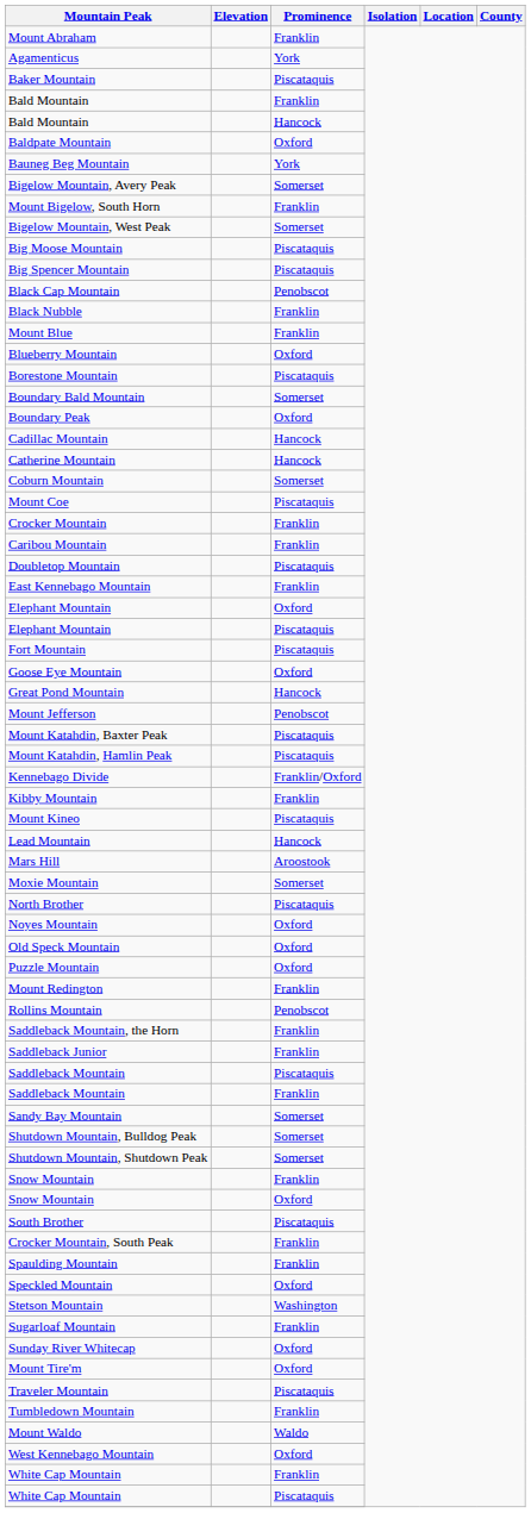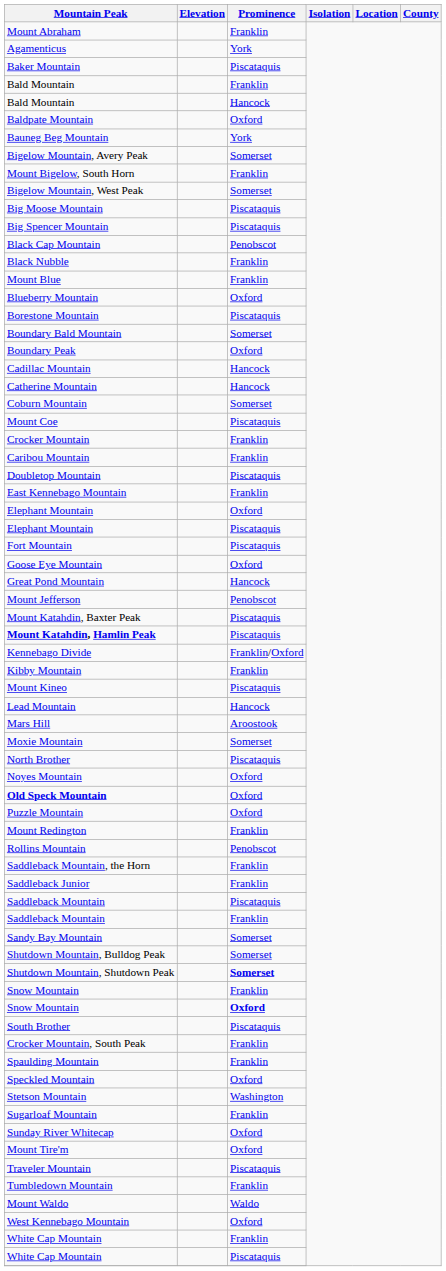 <table class="wikitable sortable">
 <tr>
 <th><a href='#'>Mountain Peak</a></th>
 <th><a href='#'>Elevation</a></th>
 <th><a href='#'>Prominence</a></th>
 <th><a href='#'>Isolation</a></th>
 <th><a href='#'>Location</a></th>
 <th><a href='#'>County</a></th>
 </tr>
 <tr>
 <td><a href='#'>Mount Abraham</a><br></td>
 <td></td>
 <td><a href='#'>Franklin</a></td>
 </tr>
 <tr>
 <td><a href='#'>Agamenticus</a><br></td>
 <td></td>
 <td><a href='#'>York</a></td>
 </tr>
 <tr>
 <td><a href='#'>Baker Mountain</a><br></td>
 <td></td>
 <td><a href='#'>Piscataquis</a></td>
 </tr>
 <tr>
 <td>Bald Mountain<br></td>
 <td></td>
 <td><a href='#'>Franklin</a></td>
 </tr>
 <tr>
 <td>Bald Mountain<br></td>
 <td></td>
 <td><a href='#'>Hancock</a></td>
 </tr>
 <tr>
 <td><a href='#'>Baldpate Mountain</a><br></td>
 <td></td>
 <td><a href='#'>Oxford</a></td>
 </tr>
 <tr>
 <td><a href='#'>Bauneg Beg Mountain</a><br></td>
 <td></td>
 <td><a href='#'>York</a></td>
 </tr>
 <tr>
 <td><a href='#'>Bigelow Mountain</a>, Avery Peak<br></td>
 <td></td>
 <td><a href='#'>Somerset</a></td>
 </tr>
 <tr>
 <td><a href='#'>Mount Bigelow</a>, South Horn<br></td>
 <td></td>
 <td><a href='#'>Franklin</a></td>
 </tr>
 <tr>
 <td><a href='#'>Bigelow Mountain</a>, West Peak<br></td>
 <td></td>
 <td><a href='#'>Somerset</a></td>
 </tr>
 <tr>
 <td><a href='#'>Big Moose Mountain</a><br></td>
 <td></td>
 <td><a href='#'>Piscataquis</a></td>
 </tr>
 <tr>
 <td><a href='#'>Big Spencer Mountain</a><br></td>
 <td></td>
 <td><a href='#'>Piscataquis</a></td>
 </tr>
 <tr>
 <td><a href='#'>Black Cap Mountain</a><br></td>
 <td></td>
 <td><a href='#'>Penobscot</a></td>
 </tr>
 <tr>
 <td><a href='#'>Black Nubble</a><br></td>
 <td></td>
 <td><a href='#'>Franklin</a></td>
 </tr>
 <tr>
 <td><a href='#'>Mount Blue</a><br></td>
 <td></td>
 <td><a href='#'>Franklin</a></td>
 </tr>
 <tr>
 <td><a href='#'>Blueberry Mountain</a><br></td>
 <td></td>
 <td><a href='#'>Oxford</a></td>
 </tr>
 <tr>
 <td><a href='#'>Borestone Mountain</a><br></td>
 <td></td>
 <td><a href='#'>Piscataquis</a></td>
 </tr>
 <tr>
 <td><a href='#'>Boundary Bald Mountain</a><br></td>
 <td></td>
 <td><a href='#'>Somerset</a></td>
 </tr>
 <tr>
 <td><a href='#'>Boundary Peak</a><br></td>
 <td></td>
 <td><a href='#'>Oxford</a></td>
 </tr>
 <tr>
 <td><a href='#'>Cadillac Mountain</a><br></td>
 <td></td>
 <td><a href='#'>Hancock</a></td>
 </tr>
 <tr>
 <td><a href='#'>Catherine Mountain</a><br></td>
 <td></td>
 <td><a href='#'>Hancock</a></td>
 </tr>
 <tr>
 <td><a href='#'>Coburn Mountain</a><br></td>
 <td></td>
 <td><a href='#'>Somerset</a></td>
 </tr>
 <tr>
 <td><a href='#'>Mount Coe</a><br></td>
 <td></td>
 <td><a href='#'>Piscataquis</a></td>
 </tr>
 <tr>
 <td><a href='#'>Crocker Mountain</a><br></td>
 <td></td>
 <td><a href='#'>Franklin</a></td>
 </tr>
 <tr>
 <td><a href='#'>Caribou Mountain</a><br></td>
 <td></td>
 <td><a href='#'>Franklin</a></td>
 </tr>
 <tr>
 <td><a href='#'>Doubletop Mountain</a><br></td>
 <td></td>
 <td><a href='#'>Piscataquis</a></td>
 </tr>
 <tr>
 <td><a href='#'>East Kennebago Mountain</a><br></td>
 <td></td>
 <td><a href='#'>Franklin</a></td>
 </tr>
 <tr>
 <td><a href='#'>Elephant Mountain</a><br></td>
 <td></td>
 <td><a href='#'>Oxford</a></td>
 </tr>
 <tr>
 <td><a href='#'>Elephant Mountain</a><br></td>
 <td></td>
 <td><a href='#'>Piscataquis</a></td>
 </tr>
 <tr>
 <td><a href='#'>Fort Mountain</a><br></td>
 <td></td>
 <td><a href='#'>Piscataquis</a></td>
 </tr>
 <tr>
 <td><a href='#'>Goose Eye Mountain</a><br></td>
 <td></td>
 <td><a href='#'>Oxford</a></td>
 </tr>
 <tr>
 <td><a href='#'>Great Pond Mountain</a><br></td>
 <td></td>
 <td><a href='#'>Hancock</a></td>
 </tr>
 <tr>
 <td><a href='#'>Mount Jefferson</a><br></td>
 <td></td>
 <td><a href='#'>Penobscot</a></td>
 </tr>
 <tr>
 <td><a href='#'>Mount Katahdin</a>, Baxter Peak<br></td>
 <td></td>
 <td><a href='#'>Piscataquis</a></td>
 </tr>
 <tr>
-<td><a href='#'>Mount Katahdin</a>, <a href='#'>Hamlin Peak</a><br></td>
+<td><strong><a href='#'>Mount Katahdin</a>, <a href='#'>Hamlin Peak</a><br></strong></td>
 <td></td>
 <td><a href='#'>Piscataquis</a></td>
 </tr>
 <tr>
 <td><a href='#'>Kennebago Divide</a><br></td>
 <td></td>
 <td><a href='#'>Franklin</a>/<a href='#'>Oxford</a></td>
 </tr>
 <tr>
 <td><a href='#'>Kibby Mountain</a><br></td>
 <td></td>
 <td><a href='#'>Franklin</a></td>
 </tr>
 <tr>
 <td><a href='#'>Mount Kineo</a><br></td>
 <td></td>
 <td><a href='#'>Piscataquis</a></td>
 </tr>
 <tr>
 <td><a href='#'>Lead Mountain</a><br></td>
 <td></td>
 <td><a href='#'>Hancock</a></td>
 </tr>
 <tr>
 <td><a href='#'>Mars Hill</a><br></td>
 <td></td>
 <td><a href='#'>Aroostook</a></td>
 </tr>
 <tr>
 <td><a href='#'>Moxie Mountain</a><br></td>
 <td></td>
 <td><a href='#'>Somerset</a></td>
 </tr>
 <tr>
 <td><a href='#'>North Brother</a><br></td>
 <td></td>
 <td><a href='#'>Piscataquis</a></td>
 </tr>
 <tr>
 <td><a href='#'>Noyes Mountain</a><br></td>
 <td></td>
 <td><a href='#'>Oxford</a></td>
 </tr>
 <tr>
-<td><a href='#'>Old Speck Mountain</a><br></td>
+<td><strong><a href='#'>Old Speck Mountain</a><br></strong></td>
 <td></td>
 <td><a href='#'>Oxford</a></td>
 </tr>
 <tr>
 <td><a href='#'>Puzzle Mountain</a><br></td>
 <td></td>
 <td><a href='#'>Oxford</a></td>
 </tr>
 <tr>
 <td><a href='#'>Mount Redington</a><br></td>
 <td></td>
 <td><a href='#'>Franklin</a></td>
 </tr>
 <tr>
 <td><a href='#'>Rollins Mountain</a><br></td>
 <td></td>
 <td><a href='#'>Penobscot</a></td>
 </tr>
 <tr>
 <td><a href='#'>Saddleback Mountain</a>, the Horn<br></td>
 <td></td>
 <td><a href='#'>Franklin</a></td>
 </tr>
 <tr>
 <td><a href='#'>Saddleback Junior</a><br></td>
 <td></td>
 <td><a href='#'>Franklin</a></td>
 </tr>
 <tr>
 <td><a href='#'>Saddleback Mountain</a><br></td>
 <td></td>
 <td><a href='#'>Piscataquis</a></td>
 </tr>
 <tr>
 <td><a href='#'>Saddleback Mountain</a><br></td>
 <td></td>
 <td><a href='#'>Franklin</a></td>
 </tr>
 <tr>
 <td><a href='#'>Sandy Bay Mountain</a><br></td>
 <td></td>
 <td><a href='#'>Somerset</a></td>
 </tr>
 <tr>
 <td><a href='#'>Shutdown Mountain</a>, Bulldog Peak<br></td>
 <td></td>
 <td><a href='#'>Somerset</a></td>
 </tr>
 <tr>
 <td><a href='#'>Shutdown Mountain</a>, Shutdown Peak<br></td>
 <td></td>
-<td><a href='#'>Somerset</a></td>
+<td><strong><a href='#'>Somerset</a></strong></td>
 </tr>
 <tr>
 <td><a href='#'>Snow Mountain</a><br></td>
 <td></td>
 <td><a href='#'>Franklin</a></td>
 </tr>
 <tr>
 <td><a href='#'>Snow Mountain</a><br></td>
 <td></td>
-<td><a href='#'>Oxford</a></td>
+<td><strong><a href='#'>Oxford</a></strong></td>
 </tr>
 <tr>
 <td><a href='#'>South Brother</a><br></td>
 <td></td>
 <td><a href='#'>Piscataquis</a></td>
 </tr>
 <tr>
 <td><a href='#'>Crocker Mountain</a>, South Peak<br></td>
 <td></td>
 <td><a href='#'>Franklin</a></td>
 </tr>
 <tr>
 <td><a href='#'>Spaulding Mountain</a><br></td>
 <td></td>
 <td><a href='#'>Franklin</a></td>
 </tr>
 <tr>
 <td><a href='#'>Speckled Mountain</a><br></td>
 <td></td>
 <td><a href='#'>Oxford</a></td>
 </tr>
 <tr>
 <td><a href='#'>Stetson Mountain</a><br></td>
 <td></td>
 <td><a href='#'>Washington</a></td>
 </tr>
 <tr>
 <td><a href='#'>Sugarloaf Mountain</a><br></td>
 <td></td>
 <td><a href='#'>Franklin</a></td>
 </tr>
 <tr>
 <td><a href='#'>Sunday River Whitecap</a><br></td>
 <td></td>
 <td><a href='#'>Oxford</a></td>
 </tr>
 <tr>
 <td><a href='#'>Mount Tire'm</a><br></td>
 <td></td>
 <td><a href='#'>Oxford</a></td>
 </tr>
 <tr>
 <td><a href='#'>Traveler Mountain</a><br></td>
 <td></td>
 <td><a href='#'>Piscataquis</a></td>
 </tr>
 <tr>
 <td><a href='#'>Tumbledown Mountain</a><br></td>
 <td></td>
 <td><a href='#'>Franklin</a></td>
 </tr>
 <tr>
 <td><a href='#'>Mount Waldo</a><br></td>
 <td></td>
 <td><a href='#'>Waldo</a></td>
 </tr>
 <tr>
 <td><a href='#'>West Kennebago Mountain</a><br></td>
 <td></td>
 <td><a href='#'>Oxford</a></td>
 </tr>
 <tr>
 <td><a href='#'>White Cap Mountain</a><br></td>
 <td></td>
 <td><a href='#'>Franklin</a></td>
 </tr>
 <tr>
 <td><a href='#'>White Cap Mountain</a><br></td>
 <td></td>
 <td><a href='#'>Piscataquis</a></td>
 </tr>
 <tr>
 </tr>
 </table>
